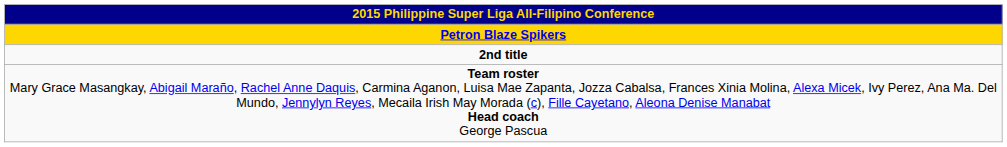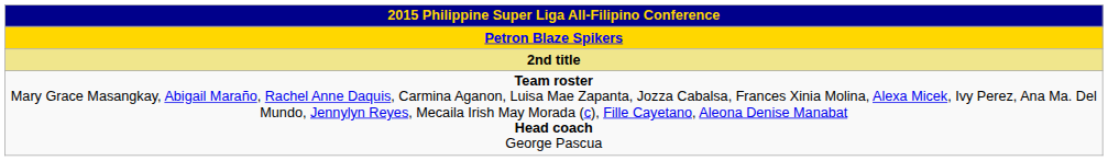 <table class=wikitable style="text-align:center; margin:auto;">
 <tr>
 <th style="background:#00008B; color:#FFD700;">2015 Philippine Super Liga All-Filipino Conference</th>
 </tr>
 <tr bgcolor="gold">
 <td><strong><a href='#'>Petron Blaze Spikers</a></strong></td>
 </tr>
 <tr>
-<td><strong>2nd title</strong></td>
+<td style="background: khaki;"><strong>2nd title</strong></td>
 </tr>
 <tr>
 <td><strong>Team roster</strong><br>Mary Grace Masangkay, <a href='#'>Abigail Maraño</a>, <a href='#'>Rachel Anne Daquis</a>, Carmina Aganon, Luisa Mae Zapanta, Jozza Cabalsa, Frances Xinia Molina, <a href='#'>Alexa Micek</a>, Ivy Perez, Ana Ma. Del Mundo, <a href='#'>Jennylyn Reyes</a>, Mecaila Irish May Morada (<a href='#'>c</a>), <a href='#'>Fille Cayetano</a>, <a href='#'>Aleona Denise Manabat</a><br><strong>Head coach</strong><br>George Pascua</td>
 </tr>
 </table>
